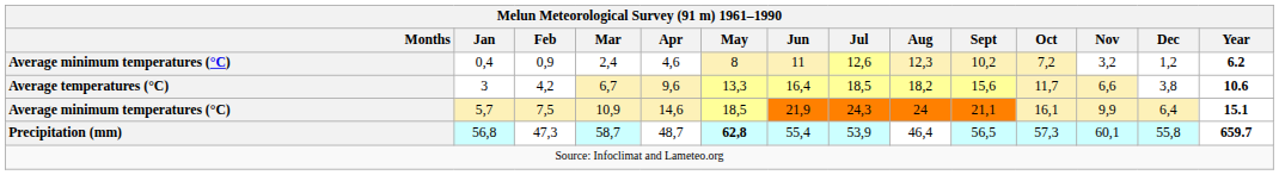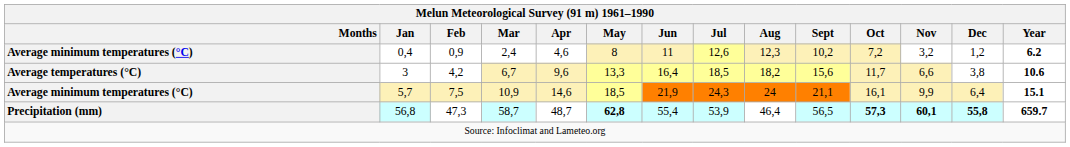 <table class="wikitable" width="100%" style="text-align:center;font-size:87%;line-height:120%">
 <tr>
 <th colspan="14">Melun Meteorological Survey (91 m) 1961–1990</th>
 </tr>
 <tr>
 <th style="text-align:right">Months</th>
 <th>Jan</th>
 <th>Feb</th>
 <th>Mar</th>
 <th>Apr</th>
 <th>May</th>
 <th>Jun</th>
 <th>Jul</th>
 <th>Aug</th>
 <th>Sept</th>
 <th>Oct</th>
 <th>Nov</th>
 <th>Dec</th>
 <th>Year</th>
 </tr>
 <tr>
 <th style="text-align:left">Average minimum temperatures (<a href='#'>°C</a>)</th>
 <td style="background:#FFFFFF">0,4</td>
 <td style="background:#FFFFFF">0,9</td>
 <td style="background:#FFFFFF">2,4</td>
 <td style="background:#FFFFFF">4,6</td>
 <td style="background:#FDF1B8">8</td>
 <td style="background:#FDF1B8">11</td>
 <td style="background:#FFFF99">12,6</td>
 <td style="background:#FDF1B8">12,3</td>
 <td style="background:#FDF1B8">10,2</td>
 <td style="background:#FDF1B8">7,2</td>
 <td style="background:#FFFFFF">3,2</td>
 <td style="background:#FFFFFF">1,2</td>
 <td style="background:#FFFFFF"><strong>6.2</strong></td>
 </tr>
 <tr>
 <th style="text-align:left">Average temperatures (°C)</th>
 <td style="background:#FFFFFF">3</td>
 <td style="background:#FFFFFF">4,2</td>
 <td style="background:#FDF1B8">6,7</td>
 <td style="background:#FDF1B8">9,6</td>
 <td style="background:#FFFF99">13,3</td>
 <td style="background:#FFFF99">16,4</td>
 <td style="background:#FFFF99">18,5</td>
 <td style="background:#FFFF99">18,2</td>
 <td style="background:#FFFF99">15,6</td>
 <td style="background:#FDF1B8">11,7</td>
 <td style="background:#FDF1B8">6,6</td>
 <td style="background:#FFFFFF">3,8</td>
 <td style="background:#FFFFFF"><strong>10.6</strong></td>
 </tr>
 <tr>
 <th style="text-align:left">Average minimum temperatures (°C)</th>
 <td style="background:#FDF1B8">5,7</td>
 <td style="background:#FDF1B8">7,5</td>
 <td style="background:#FDF1B8">10,9</td>
 <td style="background:#FDF1B8">14,6</td>
 <td style="background:#FFFF99">18,5</td>
 <td style="background:#FF8000">21,9</td>
 <td style="background:#FF8000">24,3</td>
 <td style="background:#FF8000">24</td>
 <td style="background:#FF8000">21,1</td>
 <td style="background:#FDF1B8">16,1</td>
 <td style="background:#FDF1B8">9,9</td>
 <td style="background:#FDF1B8">6,4</td>
 <td style="background:#FFFFFF"><strong>15.1</strong></td>
 </tr>
 <tr>
 <th style="text-align:left">Precipitation (mm)</th>
 <td style="background:#CCFFFF">56,8</td>
 <td style="background:#FFFFFF">47,3</td>
 <td style="background:#CCFFFF">58,7</td>
 <td style="background:#FFFFFF">48,7</td>
 <td style="background:#CCFFFF"><strong>62,8</strong></td>
 <td style="background:#CCFFFF">55,4</td>
 <td style="background:#CCFFFF">53,9</td>
 <td style="background:#FFFFFF">46,4</td>
 <td style="background:#CCFFFF">56,5</td>
-<td style="background:#CCFFFF">57,3</td>
-<td style="background:#CCFFFF">60,1</td>
-<td style="background:#CCFFFF">55,8</td>
+<td style="background:#CCFFFF"><strong>57,3</strong></td>
+<td style="background:#CCFFFF"><strong>60,1</strong></td>
+<td style="background:#CCFFFF"><strong>55,8</strong></td>
 <td style="background:#FFFFFF"><strong>659.7</strong></td>
 </tr>
 <tr>
 <td colspan="14"><small>Source: Infoclimat and Lameteo.org</small></td>
 </tr>
 </table>
